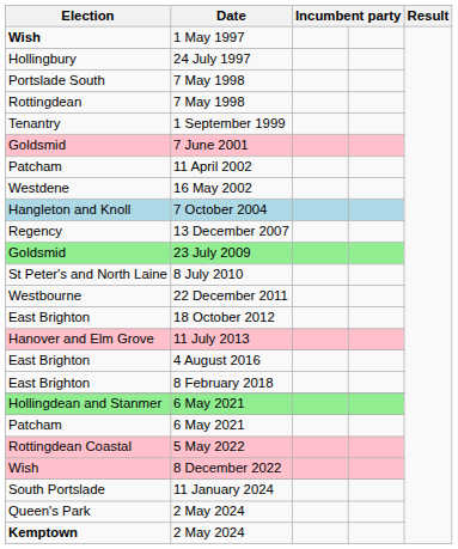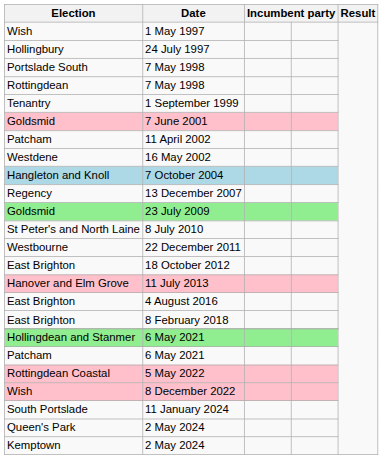 <table class="wikitable">
 <tr>
 <th>Election</th>
 <th>Date</th>
 <th colspan=2>Incumbent party</th>
 <th colspan=2>Result</th>
 </tr>
 <tr>
-<td><strong>Wish</strong></td>
+<td>Wish</td>
 <td>1 May 1997</td>
 <td></td>
 <td></td>
 </tr>
 <tr>
 <td>Hollingbury</td>
 <td>24 July 1997</td>
 <td></td>
 <td></td>
 </tr>
 <tr>
 <td>Portslade South</td>
 <td>7 May 1998</td>
 <td></td>
 <td></td>
 </tr>
 <tr>
 <td>Rottingdean</td>
 <td>7 May 1998</td>
 <td></td>
 <td></td>
 </tr>
 <tr>
 <td>Tenantry</td>
 <td>1 September 1999</td>
 <td></td>
 <td></td>
 </tr>
 <tr bgcolor=pink>
 <td>Goldsmid</td>
 <td>7 June 2001</td>
 <td></td>
 <td></td>
 </tr>
 <tr>
 <td>Patcham</td>
 <td>11 April 2002</td>
 <td></td>
 <td></td>
 </tr>
 <tr>
 <td>Westdene</td>
 <td>16 May 2002</td>
 <td></td>
 <td></td>
 </tr>
 <tr bgcolor=lightblue>
 <td>Hangleton and Knoll</td>
 <td>7 October 2004</td>
 <td></td>
 <td></td>
 </tr>
 <tr>
 <td>Regency</td>
 <td>13 December 2007</td>
 <td></td>
 <td></td>
 </tr>
 <tr bgcolor=lightgreen>
 <td>Goldsmid</td>
 <td>23 July 2009</td>
 <td></td>
 <td></td>
 </tr>
 <tr>
 <td>St Peter's and North Laine</td>
 <td>8 July 2010</td>
 <td></td>
 <td></td>
 </tr>
 <tr>
 <td>Westbourne</td>
 <td>22 December 2011</td>
 <td></td>
 <td></td>
 </tr>
 <tr>
 <td>East Brighton</td>
 <td>18 October 2012</td>
 <td></td>
 <td></td>
 </tr>
 <tr bgcolor=pink>
 <td>Hanover and Elm Grove</td>
 <td>11 July 2013</td>
 <td></td>
 <td></td>
 </tr>
 <tr>
 <td>East Brighton</td>
 <td>4 August 2016</td>
 <td></td>
 <td></td>
 </tr>
 <tr>
 <td>East Brighton</td>
 <td>8 February 2018</td>
 <td></td>
 <td></td>
 </tr>
 <tr>
 </tr>
 <tr bgcolor=lightgreen>
 <td>Hollingdean and Stanmer</td>
 <td>6 May 2021</td>
 <td></td>
 <td></td>
 </tr>
 <tr>
 <td>Patcham</td>
 <td>6 May 2021</td>
 <td></td>
 <td></td>
 </tr>
 <tr bgcolor=pink>
 <td>Rottingdean Coastal</td>
 <td>5 May 2022</td>
 <td></td>
 <td></td>
 </tr>
 <tr bgcolor=pink>
 <td>Wish</td>
 <td>8 December 2022</td>
 <td></td>
 <td></td>
 </tr>
 <tr>
 <td>South Portslade</td>
 <td>11 January 2024</td>
 <td></td>
 <td></td>
 </tr>
 <tr>
 <td>Queen's Park</td>
 <td>2 May 2024</td>
 <td></td>
 <td></td>
 </tr>
 <tr>
-<td><strong>Kemptown</strong></td>
+<td>Kemptown</td>
 <td>2 May 2024</td>
 <td></td>
 <td></td>
 </tr>
 </table>
